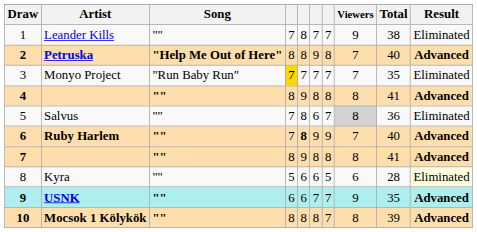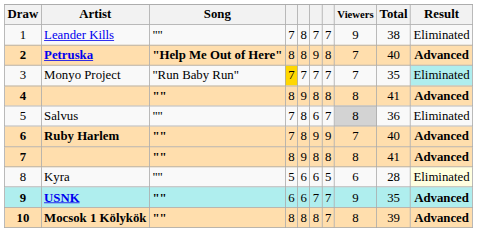 <table class="sortable wikitable" style="margin: 1em auto 1em auto; text-align:center">
 <tr>
 </tr>
 <tr>
 <th>Draw</th>
 <th>Artist</th>
 <th>Song</th>
 <th><small></small></th>
 <th><small></small></th>
 <th><small></small></th>
 <th><small></small></th>
 <th><small>Viewers</small></th>
 <th>Total</th>
 <th>Result</th>
 </tr>
 <tr>
 <td>1</td>
 <td align="left"><a href='#'>Leander Kills</a></td>
 <td align="left">""</td>
 <td>7</td>
 <td>8</td>
 <td>7</td>
 <td>7</td>
 <td>9</td>
 <td>38</td>
 <td>Eliminated</td>
 </tr>
 <tr style="background:navajowhite;">
 <td><strong>2</strong></td>
 <td align="left"><strong><a href='#'>Petruska</a></strong></td>
 <td align="left"><strong>"Help Me Out of Here"</strong></td>
 <td>8</td>
 <td>8</td>
 <td>9</td>
 <td>8</td>
 <td>7</td>
 <td>40</td>
 <td><strong>Advanced</strong></td>
 </tr>
 <tr>
 <td>3</td>
 <td align="left">Monyo Project</td>
 <td align="left">"Run Baby Run"</td>
 <td style="background: gold;">7</td>
 <td>7</td>
 <td>7</td>
 <td>7</td>
 <td>7</td>
 <td>35</td>
-<td>Eliminated</td>
+<td style="background: paleturquoise;">Eliminated</td>
 </tr>
 <tr style="background:navajowhite;">
 <td><strong>4</strong></td>
 <td align="left"><strong></strong></td>
 <td align="left"><strong>""</strong></td>
 <td>8</td>
 <td>9</td>
 <td>8</td>
 <td>8</td>
 <td>8</td>
 <td>41</td>
 <td><strong>Advanced</strong></td>
 </tr>
 <tr>
 <td>5</td>
 <td align="left">Salvus</td>
 <td align="left">""</td>
 <td>7</td>
 <td>8</td>
 <td>6</td>
 <td>7</td>
 <td style="background: lightgrey;">8</td>
 <td>36</td>
 <td>Eliminated</td>
 </tr>
 <tr style="background:navajowhite;">
 <td><strong>6</strong></td>
 <td align="left"><strong>Ruby Harlem</strong></td>
 <td align="left"><strong>""</strong></td>
 <td>7</td>
-<td><strong>8</strong></td>
+<td>8</td>
 <td>9</td>
 <td>9</td>
 <td>7</td>
 <td>40</td>
 <td><strong>Advanced</strong></td>
 </tr>
 <tr style="background:navajowhite;">
 <td><strong>7</strong></td>
 <td align="left"><strong></strong></td>
 <td align="left"><strong>""</strong></td>
 <td>8</td>
 <td>9</td>
 <td>8</td>
 <td>8</td>
 <td>8</td>
 <td>41</td>
 <td><strong>Advanced</strong></td>
 </tr>
 <tr>
 <td>8</td>
 <td align="left">Kyra</td>
 <td align="left">""</td>
 <td>5</td>
 <td>6</td>
 <td>6</td>
 <td>5</td>
 <td>6</td>
 <td>28</td>
 <td style="background: lightyellow;">Eliminated</td>
 </tr>
 <tr style="background:paleturquoise;">
 <td><strong>9</strong></td>
 <td align="left"><strong><a href='#'>USNK</a></strong></td>
 <td align="left"><strong>""</strong></td>
 <td>6</td>
 <td>6</td>
 <td>7</td>
 <td>7</td>
 <td>9</td>
 <td>35</td>
 <td><strong>Advanced</strong></td>
 </tr>
 <tr style="background:navajowhite;">
 <td><strong>10</strong></td>
 <td align="left"><strong>Mocsok 1 Kölykök</strong></td>
 <td align="left"><strong>""</strong></td>
 <td>8</td>
 <td>8</td>
 <td>8</td>
 <td>7</td>
 <td>8</td>
 <td>39</td>
 <td><strong>Advanced</strong></td>
 </tr>
 </table>
